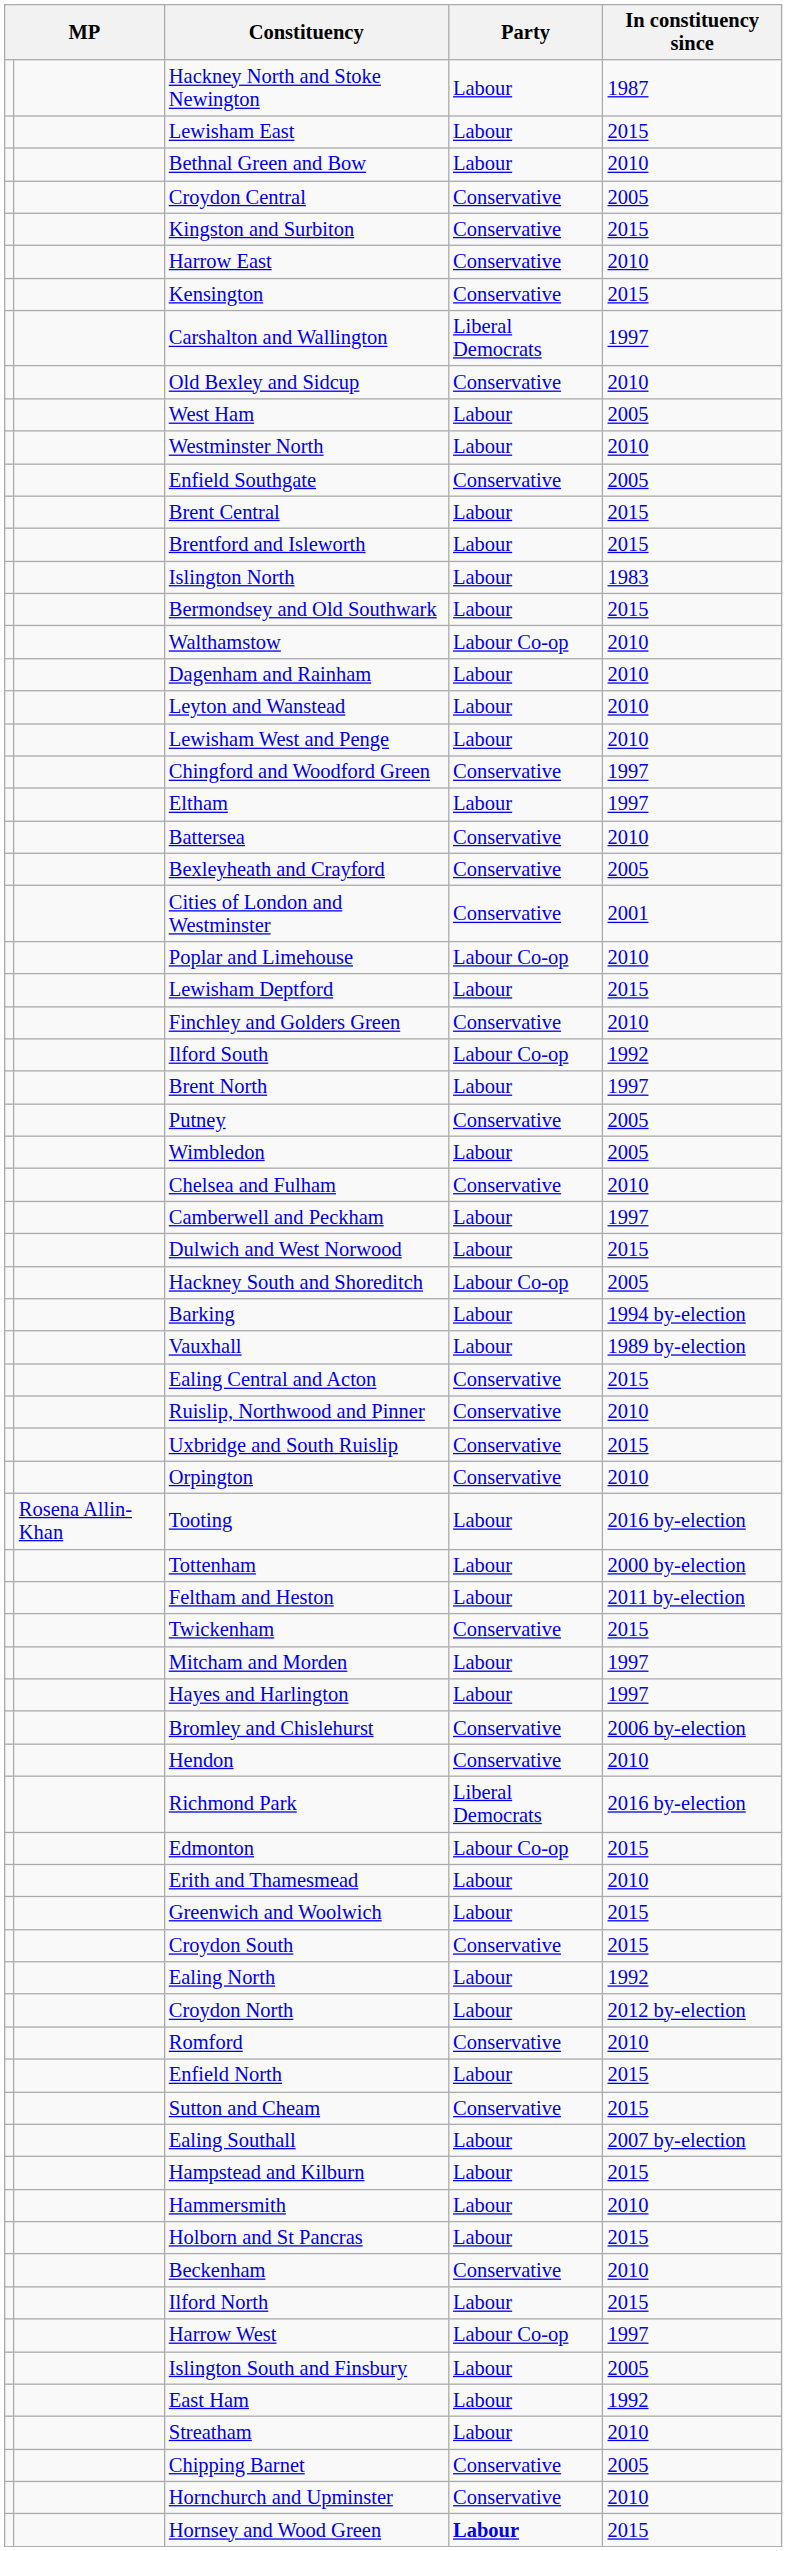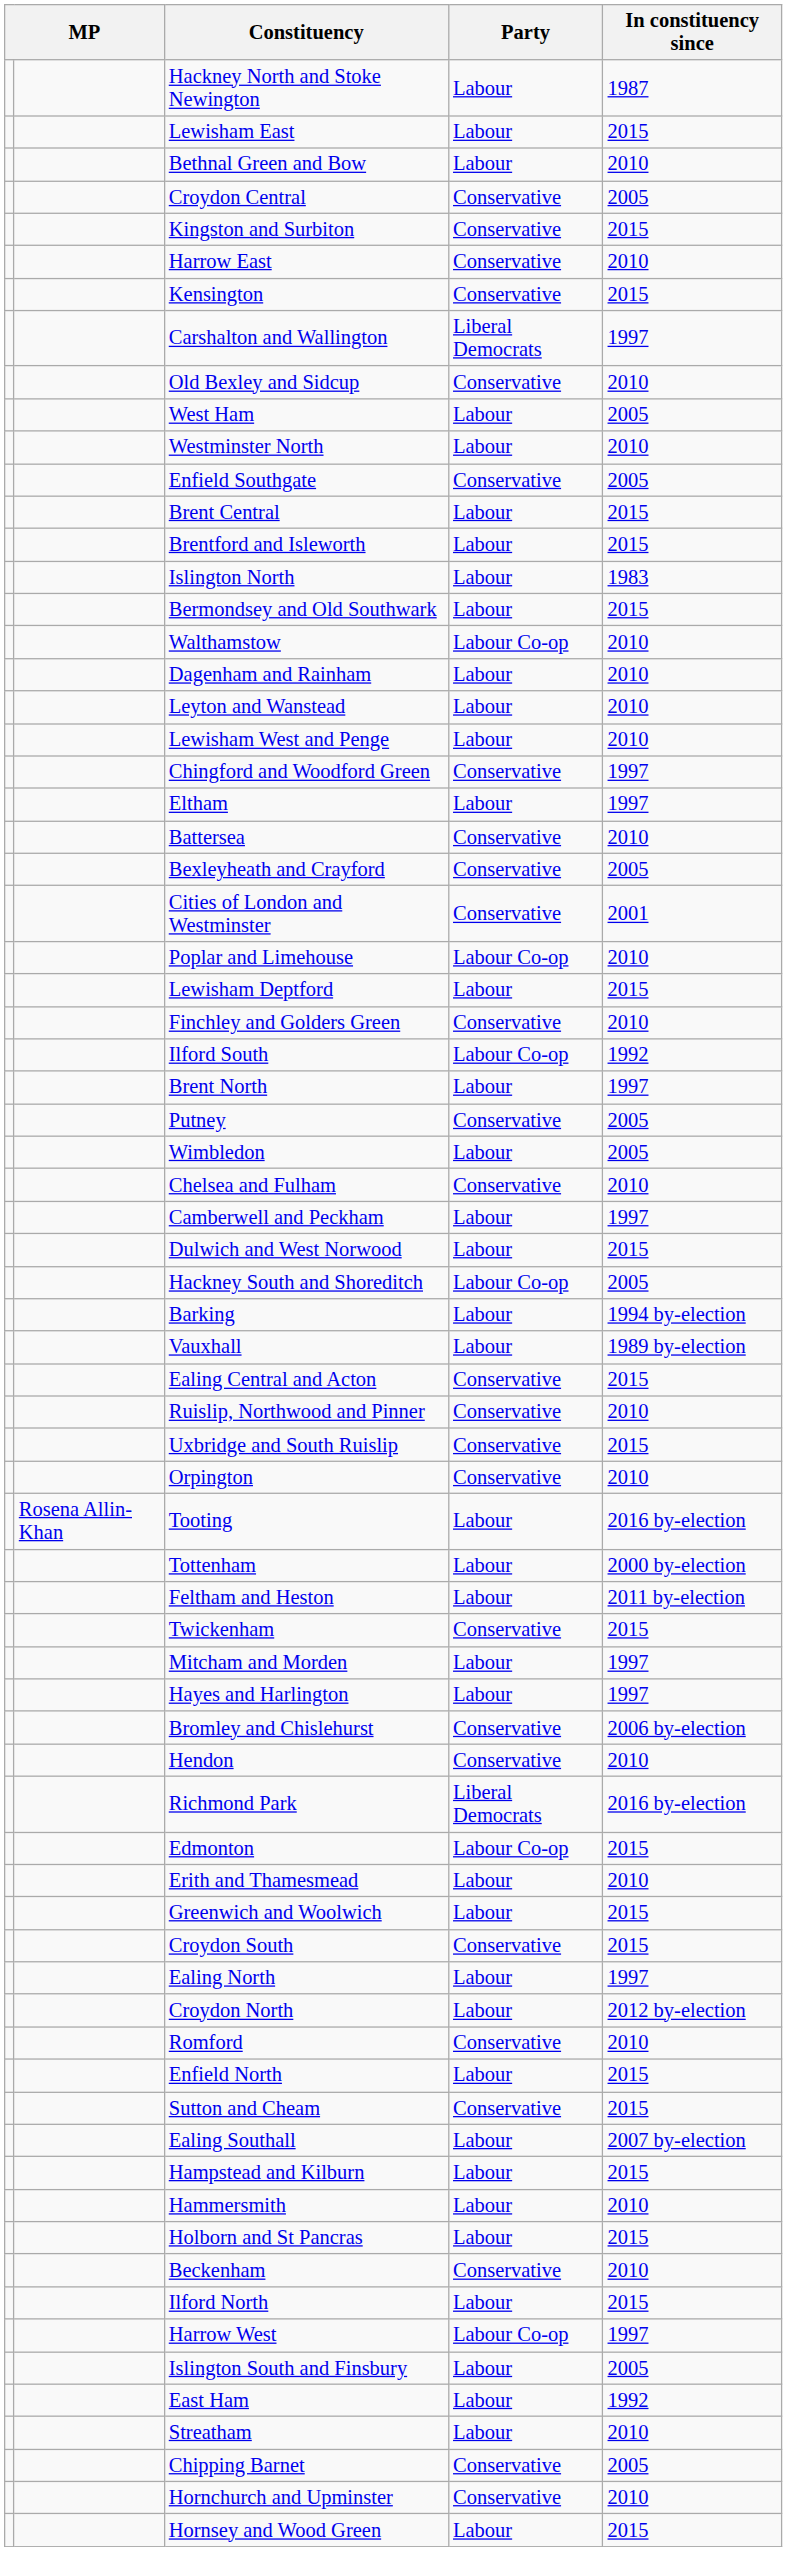 <table class="wikitable sortable">
 <tr>
 <th colspan=2>MP</th>
 <th>Constituency</th>
 <th>Party</th>
 <th>In constituency since</th>
 </tr>
 <tr>
 <td style="background-color: "></td>
 <td></td>
 <td><a href='#'>Hackney North and Stoke Newington</a></td>
 <td><a href='#'>Labour</a></td>
 <td><a href='#'>1987</a></td>
 </tr>
 <tr>
 <td style="background-color: "></td>
 <td></td>
 <td><a href='#'>Lewisham East</a></td>
 <td><a href='#'>Labour</a></td>
 <td><a href='#'>2015</a></td>
 </tr>
 <tr>
 <td style="background-color: "></td>
 <td></td>
 <td><a href='#'>Bethnal Green and Bow</a></td>
 <td><a href='#'>Labour</a></td>
 <td><a href='#'>2010</a></td>
 </tr>
 <tr>
 <td style="background-color: "></td>
 <td></td>
 <td><a href='#'>Croydon Central</a></td>
 <td><a href='#'>Conservative</a></td>
 <td><a href='#'>2005</a></td>
 </tr>
 <tr>
 <td style="background-color: "></td>
 <td></td>
 <td><a href='#'>Kingston and Surbiton</a></td>
 <td><a href='#'>Conservative</a></td>
 <td><a href='#'>2015</a></td>
 </tr>
 <tr>
 <td style="background-color: "></td>
 <td></td>
 <td><a href='#'>Harrow East</a></td>
 <td><a href='#'>Conservative</a></td>
 <td><a href='#'>2010</a></td>
 </tr>
 <tr>
 <td style="background-color: "></td>
 <td></td>
 <td><a href='#'>Kensington</a></td>
 <td><a href='#'>Conservative</a></td>
 <td><a href='#'>2015</a></td>
 </tr>
 <tr>
 <td style="background-color: "></td>
 <td></td>
 <td><a href='#'>Carshalton and Wallington</a></td>
 <td><a href='#'>Liberal Democrats</a></td>
 <td><a href='#'>1997</a></td>
 </tr>
 <tr>
 <td style="background-color: "></td>
 <td></td>
 <td><a href='#'>Old Bexley and Sidcup</a></td>
 <td><a href='#'>Conservative</a></td>
 <td><a href='#'>2010</a></td>
 </tr>
 <tr>
 <td style="background-color: "></td>
 <td></td>
 <td><a href='#'>West Ham</a></td>
 <td><a href='#'>Labour</a></td>
 <td><a href='#'>2005</a></td>
 </tr>
 <tr>
 <td style="background-color: "></td>
 <td></td>
 <td><a href='#'>Westminster North</a></td>
 <td><a href='#'>Labour</a></td>
 <td><a href='#'>2010</a></td>
 </tr>
 <tr>
 <td style="background-color: "></td>
 <td></td>
 <td><a href='#'>Enfield Southgate</a></td>
 <td><a href='#'>Conservative</a></td>
 <td><a href='#'>2005</a></td>
 </tr>
 <tr>
 <td style="background-color: "></td>
 <td></td>
 <td><a href='#'>Brent Central</a></td>
 <td><a href='#'>Labour</a></td>
 <td><a href='#'>2015</a></td>
 </tr>
 <tr>
 <td style="background-color: "></td>
 <td></td>
 <td><a href='#'>Brentford and Isleworth</a></td>
 <td><a href='#'>Labour</a></td>
 <td><a href='#'>2015</a></td>
 </tr>
 <tr>
 <td style="background-color: "></td>
 <td></td>
 <td><a href='#'>Islington North</a></td>
 <td><a href='#'>Labour</a></td>
 <td><a href='#'>1983</a></td>
 </tr>
 <tr>
 <td style="background-color: "></td>
 <td></td>
 <td><a href='#'>Bermondsey and Old Southwark</a></td>
 <td><a href='#'>Labour</a></td>
 <td><a href='#'>2015</a></td>
 </tr>
 <tr>
 <td style="background-color: "></td>
 <td></td>
 <td><a href='#'>Walthamstow</a></td>
 <td><a href='#'>Labour Co-op</a></td>
 <td><a href='#'>2010</a></td>
 </tr>
 <tr>
 <td style="background-color: "></td>
 <td></td>
 <td><a href='#'>Dagenham and Rainham</a></td>
 <td><a href='#'>Labour</a></td>
 <td><a href='#'>2010</a></td>
 </tr>
 <tr>
 <td style="background-color: "></td>
 <td></td>
 <td><a href='#'>Leyton and Wanstead</a></td>
 <td><a href='#'>Labour</a></td>
 <td><a href='#'>2010</a></td>
 </tr>
 <tr>
 <td style="background-color: "></td>
 <td></td>
 <td><a href='#'>Lewisham West and Penge</a></td>
 <td><a href='#'>Labour</a></td>
 <td><a href='#'>2010</a></td>
 </tr>
 <tr>
 <td style="background-color: "></td>
 <td></td>
 <td><a href='#'>Chingford and Woodford Green</a></td>
 <td><a href='#'>Conservative</a></td>
 <td><a href='#'>1997</a></td>
 </tr>
 <tr>
 <td style="background-color: "></td>
 <td></td>
 <td><a href='#'>Eltham</a></td>
 <td><a href='#'>Labour</a></td>
 <td><a href='#'>1997</a></td>
 </tr>
 <tr>
 <td style="background-color: "></td>
 <td></td>
 <td><a href='#'>Battersea</a></td>
 <td><a href='#'>Conservative</a></td>
 <td><a href='#'>2010</a></td>
 </tr>
 <tr>
 <td style="background-color: "></td>
 <td></td>
 <td><a href='#'>Bexleyheath and Crayford</a></td>
 <td><a href='#'>Conservative</a></td>
 <td><a href='#'>2005</a></td>
 </tr>
 <tr>
 <td style="background-color: "></td>
 <td></td>
 <td><a href='#'>Cities of London and Westminster</a></td>
 <td><a href='#'>Conservative</a></td>
 <td><a href='#'>2001</a></td>
 </tr>
 <tr>
 <td style="background-color: "></td>
 <td></td>
 <td><a href='#'>Poplar and Limehouse</a></td>
 <td><a href='#'>Labour Co-op</a></td>
 <td><a href='#'>2010</a></td>
 </tr>
 <tr>
 <td style="background-color: "></td>
 <td></td>
 <td><a href='#'>Lewisham Deptford</a></td>
 <td><a href='#'>Labour</a></td>
 <td><a href='#'>2015</a></td>
 </tr>
 <tr>
 <td style="background-color: "></td>
 <td></td>
 <td><a href='#'>Finchley and Golders Green</a></td>
 <td><a href='#'>Conservative</a></td>
 <td><a href='#'>2010</a></td>
 </tr>
 <tr>
 <td style="background-color: "></td>
 <td></td>
 <td><a href='#'>Ilford South</a></td>
 <td><a href='#'>Labour Co-op</a></td>
 <td><a href='#'>1992</a></td>
 </tr>
 <tr>
 <td style="background-color: "></td>
 <td></td>
 <td><a href='#'>Brent North</a></td>
 <td><a href='#'>Labour</a></td>
 <td><a href='#'>1997</a></td>
 </tr>
 <tr>
 <td style="background-color: "></td>
 <td></td>
 <td><a href='#'>Putney</a></td>
 <td><a href='#'>Conservative</a></td>
 <td><a href='#'>2005</a></td>
 </tr>
 <tr>
 <td style="background-color: "></td>
 <td></td>
 <td><a href='#'>Wimbledon</a></td>
 <td><a href='#'>Labour</a></td>
 <td><a href='#'>2005</a></td>
 </tr>
 <tr>
 <td style="background-color: "></td>
 <td></td>
 <td><a href='#'>Chelsea and Fulham</a></td>
 <td><a href='#'>Conservative</a></td>
 <td><a href='#'>2010</a></td>
 </tr>
 <tr>
 <td style="background-color: "></td>
 <td></td>
 <td><a href='#'>Camberwell and Peckham</a></td>
 <td><a href='#'>Labour</a></td>
 <td><a href='#'>1997</a></td>
 </tr>
 <tr>
 <td style="background-color: "></td>
 <td></td>
 <td><a href='#'>Dulwich and West Norwood</a></td>
 <td><a href='#'>Labour</a></td>
 <td><a href='#'>2015</a></td>
 </tr>
 <tr>
 <td style="background-color: "></td>
 <td></td>
 <td><a href='#'>Hackney South and Shoreditch</a></td>
 <td><a href='#'>Labour Co-op</a></td>
 <td><a href='#'>2005</a></td>
 </tr>
 <tr>
 <td style="background-color: "></td>
 <td></td>
 <td><a href='#'>Barking</a></td>
 <td><a href='#'>Labour</a></td>
 <td><a href='#'>1994 by-election</a></td>
 </tr>
 <tr>
 <td style="background-color: "></td>
 <td></td>
 <td><a href='#'>Vauxhall</a></td>
 <td><a href='#'>Labour</a></td>
 <td><a href='#'>1989 by-election</a></td>
 </tr>
 <tr>
 <td style="background-color: "></td>
 <td></td>
 <td><a href='#'>Ealing Central and Acton</a></td>
 <td><a href='#'>Conservative</a></td>
 <td><a href='#'>2015</a></td>
 </tr>
 <tr>
 <td style="background-color: "></td>
 <td></td>
 <td><a href='#'>Ruislip, Northwood and Pinner</a></td>
 <td><a href='#'>Conservative</a></td>
 <td><a href='#'>2010</a></td>
 </tr>
 <tr>
 <td style="background-color: "></td>
 <td></td>
 <td><a href='#'>Uxbridge and South Ruislip</a></td>
 <td><a href='#'>Conservative</a></td>
 <td><a href='#'>2015</a></td>
 </tr>
 <tr>
 <td style="background-color: "></td>
 <td></td>
 <td><a href='#'>Orpington</a></td>
 <td><a href='#'>Conservative</a></td>
 <td><a href='#'>2010</a></td>
 </tr>
 <tr>
 <td style="background-color: "></td>
 <td><a href='#'>Rosena Allin-Khan</a></td>
 <td><a href='#'>Tooting</a></td>
 <td><a href='#'>Labour</a></td>
 <td><a href='#'>2016 by-election</a></td>
 </tr>
 <tr>
 <td style="background-color: "></td>
 <td></td>
 <td><a href='#'>Tottenham</a></td>
 <td><a href='#'>Labour</a></td>
 <td><a href='#'>2000 by-election</a></td>
 </tr>
 <tr>
 <td style="background-color: "></td>
 <td></td>
 <td><a href='#'>Feltham and Heston</a></td>
 <td><a href='#'>Labour</a></td>
 <td><a href='#'>2011 by-election</a></td>
 </tr>
 <tr>
 <td style="background-color: "></td>
 <td></td>
 <td><a href='#'>Twickenham</a></td>
 <td><a href='#'>Conservative</a></td>
 <td><a href='#'>2015</a></td>
 </tr>
 <tr>
 <td style="background-color: "></td>
 <td></td>
 <td><a href='#'>Mitcham and Morden</a></td>
 <td><a href='#'>Labour</a></td>
 <td><a href='#'>1997</a></td>
 </tr>
 <tr>
 <td style="background-color: "></td>
 <td></td>
 <td><a href='#'>Hayes and Harlington</a></td>
 <td><a href='#'>Labour</a></td>
 <td><a href='#'>1997</a></td>
 </tr>
 <tr>
 <td style="background-color: "></td>
 <td></td>
 <td><a href='#'>Bromley and Chislehurst</a></td>
 <td><a href='#'>Conservative</a></td>
 <td><a href='#'>2006 by-election</a></td>
 </tr>
 <tr>
 <td style="background-color: "></td>
 <td></td>
 <td><a href='#'>Hendon</a></td>
 <td><a href='#'>Conservative</a></td>
 <td><a href='#'>2010</a></td>
 </tr>
 <tr>
 <td style="background-color: "></td>
 <td></td>
 <td><a href='#'>Richmond Park</a></td>
 <td><a href='#'>Liberal Democrats</a></td>
 <td><a href='#'>2016 by-election</a></td>
 </tr>
 <tr>
 <td style="background-color: "></td>
 <td></td>
 <td><a href='#'>Edmonton</a></td>
 <td><a href='#'>Labour Co-op</a></td>
 <td><a href='#'>2015</a></td>
 </tr>
 <tr>
 <td style="background-color: "></td>
 <td></td>
 <td><a href='#'>Erith and Thamesmead</a></td>
 <td><a href='#'>Labour</a></td>
 <td><a href='#'>2010</a></td>
 </tr>
 <tr>
 <td style="background-color: "></td>
 <td></td>
 <td><a href='#'>Greenwich and Woolwich</a></td>
 <td><a href='#'>Labour</a></td>
 <td><a href='#'>2015</a></td>
 </tr>
 <tr>
 <td style="background-color: "></td>
 <td></td>
 <td><a href='#'>Croydon South</a></td>
 <td><a href='#'>Conservative</a></td>
 <td><a href='#'>2015</a></td>
 </tr>
 <tr>
 <td style="background-color: "></td>
 <td></td>
 <td><a href='#'>Ealing North</a></td>
 <td><a href='#'>Labour</a></td>
-<td><a href='#'>1992</a></td>
+<td><a href='#'>1997</a></td>
 </tr>
 <tr>
 <td style="background-color: "></td>
 <td></td>
 <td><a href='#'>Croydon North</a></td>
 <td><a href='#'>Labour</a></td>
 <td><a href='#'>2012 by-election</a></td>
 </tr>
 <tr>
 <td style="background-color: "></td>
 <td></td>
 <td><a href='#'>Romford</a></td>
 <td><a href='#'>Conservative</a></td>
 <td><a href='#'>2010</a></td>
 </tr>
 <tr>
 <td style="background-color: "></td>
 <td></td>
 <td><a href='#'>Enfield North</a></td>
 <td><a href='#'>Labour</a></td>
 <td><a href='#'>2015</a></td>
 </tr>
 <tr>
 <td style="background-color: "></td>
 <td></td>
 <td><a href='#'>Sutton and Cheam</a></td>
 <td><a href='#'>Conservative</a></td>
 <td><a href='#'>2015</a></td>
 </tr>
 <tr>
 <td style="background-color: "></td>
 <td></td>
 <td><a href='#'>Ealing Southall</a></td>
 <td><a href='#'>Labour</a></td>
 <td><a href='#'>2007 by-election</a></td>
 </tr>
 <tr>
 <td style="background-color: "></td>
 <td></td>
 <td><a href='#'>Hampstead and Kilburn</a></td>
 <td><a href='#'>Labour</a></td>
 <td><a href='#'>2015</a></td>
 </tr>
 <tr>
 <td style="background-color: "></td>
 <td></td>
 <td><a href='#'>Hammersmith</a></td>
 <td><a href='#'>Labour</a></td>
 <td><a href='#'>2010</a></td>
 </tr>
 <tr>
 <td style="background-color: "></td>
 <td></td>
 <td><a href='#'>Holborn and St Pancras</a></td>
 <td><a href='#'>Labour</a></td>
 <td><a href='#'>2015</a></td>
 </tr>
 <tr>
 <td style="background-color: "></td>
 <td></td>
 <td><a href='#'>Beckenham</a></td>
 <td><a href='#'>Conservative</a></td>
 <td><a href='#'>2010</a></td>
 </tr>
 <tr>
 <td style="background-color: "></td>
 <td></td>
 <td><a href='#'>Ilford North</a></td>
 <td><a href='#'>Labour</a></td>
 <td><a href='#'>2015</a></td>
 </tr>
 <tr>
 <td style="background-color: "></td>
 <td></td>
 <td><a href='#'>Harrow West</a></td>
 <td><a href='#'>Labour Co-op</a></td>
 <td><a href='#'>1997</a></td>
 </tr>
 <tr>
 <td style="background-color: "></td>
 <td></td>
 <td><a href='#'>Islington South and Finsbury</a></td>
 <td><a href='#'>Labour</a></td>
 <td><a href='#'>2005</a></td>
 </tr>
 <tr>
 <td style="background-color: "></td>
 <td></td>
 <td><a href='#'>East Ham</a></td>
 <td><a href='#'>Labour</a></td>
 <td><a href='#'>1992</a></td>
 </tr>
 <tr>
 <td style="background-color: "></td>
 <td></td>
 <td><a href='#'>Streatham</a></td>
 <td><a href='#'>Labour</a></td>
 <td><a href='#'>2010</a></td>
 </tr>
 <tr>
 <td style="background-color: "></td>
 <td></td>
 <td><a href='#'>Chipping Barnet</a></td>
 <td><a href='#'>Conservative</a></td>
 <td><a href='#'>2005</a></td>
 </tr>
 <tr>
 <td style="background-color: "></td>
 <td></td>
 <td><a href='#'>Hornchurch and Upminster</a></td>
 <td><a href='#'>Conservative</a></td>
 <td><a href='#'>2010</a></td>
 </tr>
 <tr>
 <td style="background-color: "></td>
 <td></td>
 <td><a href='#'>Hornsey and Wood Green</a></td>
-<td><strong><a href='#'>Labour</a></strong></td>
+<td><a href='#'>Labour</a></td>
 <td><a href='#'>2015</a></td>
 </tr>
 </table>
